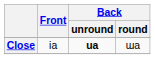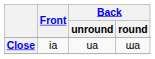 <table class="wikitable" style="text-align:center;">
 <tr>
 <th rowspan="2"></th>
 <th rowspan="2"><a href='#'>Front</a></th>
 <th colspan="2"><a href='#'>Back</a></th>
 </tr>
 <tr>
 <th>unround</th>
 <th>round</th>
 </tr>
 <tr>
 </tr>
 <tr>
 <th><a href='#'>Close</a></th>
 <td>ia</td>
-<td><strong>ua</strong></td>
+<td>ua</td>
 <td>ɯa</td>
 </tr>
 <tr>
 </tr>
 </table>
